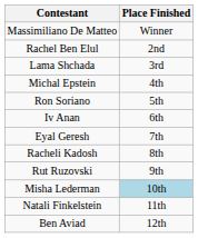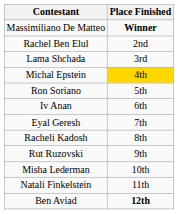 <table class="wikitable" style="text-align:center">
 <tr>
 <th>Contestant</th>
 <th>Place Finished</th>
 </tr>
 <tr>
 <td>Massimiliano De Matteo</td>
-<td>Winner</td>
+<td><strong>Winner</strong></td>
 </tr>
 <tr>
 <td>Rachel Ben Elul</td>
 <td>2nd</td>
 </tr>
 <tr>
 <td>Lama Shchada</td>
 <td>3rd</td>
 </tr>
 <tr>
 <td>Michal Epstein</td>
-<td>4th</td>
+<td style="background: gold;">4th</td>
 </tr>
 <tr>
 <td>Ron Soriano</td>
 <td>5th</td>
 </tr>
 <tr>
 <td>Iv Anan</td>
 <td>6th</td>
 </tr>
 <tr>
 <td>Eyal Geresh</td>
 <td>7th</td>
 </tr>
 <tr>
 <td>Racheli Kadosh</td>
 <td>8th</td>
 </tr>
 <tr>
 <td>Rut Ruzovski</td>
 <td>9th</td>
 </tr>
 <tr>
 <td>Misha Lederman</td>
-<td style="background: lightblue;">10th</td>
+<td>10th</td>
 </tr>
 <tr>
 <td>Natali Finkelstein</td>
 <td>11th</td>
 </tr>
 <tr>
 <td>Ben Aviad</td>
-<td>12th</td>
+<td><strong>12th</strong></td>
 </tr>
 </table>
